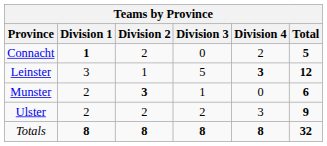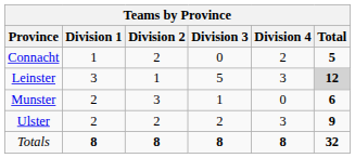 <table class="wikitable" style="text-align:center">
 <tr>
 <th colspan=6>Teams by Province</th>
 </tr>
 <tr>
 <th>Province</th>
 <th>Division 1</th>
 <th>Division 2</th>
 <th>Division 3</th>
 <th>Division 4</th>
 <th>Total</th>
 </tr>
 <tr>
 <td><a href='#'>Connacht</a></td>
-<td><strong>1</strong></td>
+<td>1</td>
 <td>2</td>
 <td>0</td>
 <td>2</td>
 <td><strong>5</strong></td>
 </tr>
 <tr>
 <td><a href='#'>Leinster</a></td>
 <td>3</td>
 <td>1</td>
 <td>5</td>
-<td><strong>3</strong></td>
-<td><strong>12</strong></td>
+<td>3</td>
+<td style="background: lightgrey;"><strong>12</strong></td>
 </tr>
 <tr>
 <td><a href='#'>Munster</a></td>
 <td>2</td>
-<td><strong>3</strong></td>
+<td>3</td>
 <td>1</td>
 <td>0</td>
 <td><strong>6</strong></td>
 </tr>
 <tr>
 <td><a href='#'>Ulster</a></td>
 <td>2</td>
 <td>2</td>
 <td>2</td>
 <td>3</td>
 <td><strong>9</strong></td>
 </tr>
 <tr>
 <td><em>Totals</em></td>
 <td><strong>8</strong></td>
 <td><strong>8</strong></td>
 <td><strong>8</strong></td>
 <td><strong>8</strong></td>
 <td><strong>32</strong></td>
 </tr>
 </table>
